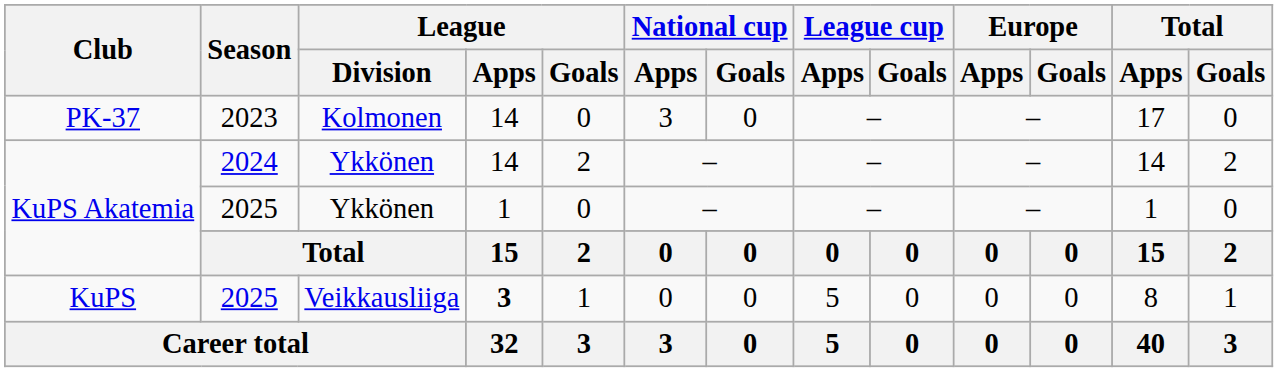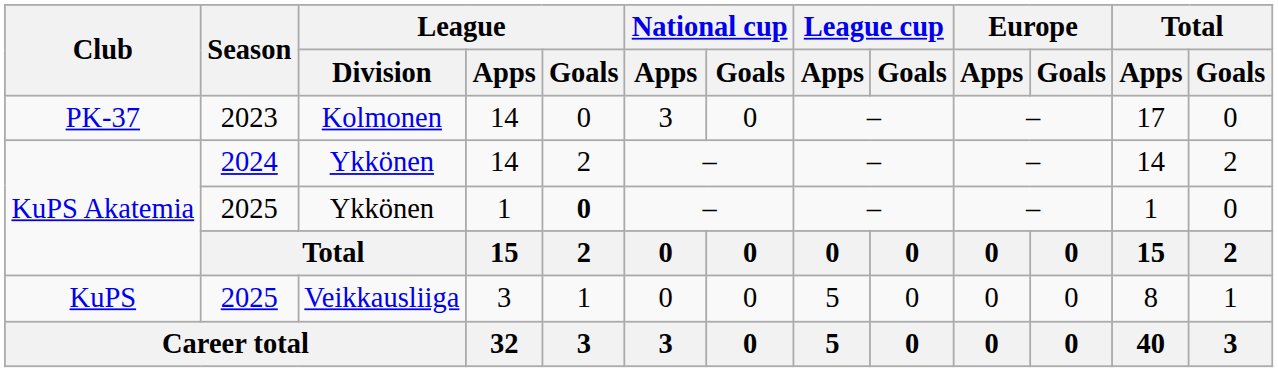 <table class="wikitable" style="text-align:center">
 <tr>
 <th rowspan="2">Club</th>
 <th rowspan="2">Season</th>
 <th colspan="3">League</th>
 <th colspan="2"><a href='#'>National cup</a></th>
 <th colspan="2"><a href='#'>League cup</a></th>
 <th colspan="2">Europe</th>
 <th colspan="2">Total</th>
 </tr>
 <tr>
 <th>Division</th>
 <th>Apps</th>
 <th>Goals</th>
 <th>Apps</th>
 <th>Goals</th>
 <th>Apps</th>
 <th>Goals</th>
 <th>Apps</th>
 <th>Goals</th>
 <th>Apps</th>
 <th>Goals</th>
 </tr>
 <tr>
 <td><a href='#'>PK-37</a></td>
 <td>2023</td>
 <td><a href='#'>Kolmonen</a></td>
 <td>14</td>
 <td>0</td>
 <td>3</td>
 <td>0</td>
 <td colspan=2>–</td>
 <td colspan=2>–</td>
 <td>17</td>
 <td>0</td>
 </tr>
 <tr>
 <td rowspan=3><a href='#'>KuPS Akatemia</a></td>
 <td><a href='#'>2024</a></td>
 <td><a href='#'>Ykkönen</a></td>
 <td>14</td>
 <td>2</td>
 <td colspan=2>–</td>
 <td colspan=2>–</td>
 <td colspan=2>–</td>
 <td>14</td>
 <td>2</td>
 </tr>
 <tr>
 <td>2025</td>
 <td>Ykkönen</td>
 <td>1</td>
-<td>0</td>
+<td><strong>0</strong></td>
 <td colspan=2>–</td>
 <td colspan=2>–</td>
 <td colspan=2>–</td>
 <td>1</td>
 <td>0</td>
 </tr>
 <tr>
 <th colspan=2>Total</th>
 <th>15</th>
 <th>2</th>
 <th>0</th>
 <th>0</th>
 <th>0</th>
 <th>0</th>
 <th>0</th>
 <th>0</th>
 <th>15</th>
 <th>2</th>
 </tr>
 <tr>
 <td><a href='#'>KuPS</a></td>
 <td><a href='#'>2025</a></td>
 <td><a href='#'>Veikkausliiga</a></td>
-<td><strong>3</strong></td>
+<td>3</td>
 <td>1</td>
 <td>0</td>
 <td>0</td>
 <td>5</td>
 <td>0</td>
 <td>0</td>
 <td>0</td>
 <td>8</td>
 <td>1</td>
 </tr>
 <tr>
 <th colspan="3">Career total</th>
 <th>32</th>
 <th>3</th>
 <th>3</th>
 <th>0</th>
 <th>5</th>
 <th>0</th>
 <th>0</th>
 <th>0</th>
 <th>40</th>
 <th>3</th>
 </tr>
 </table>
